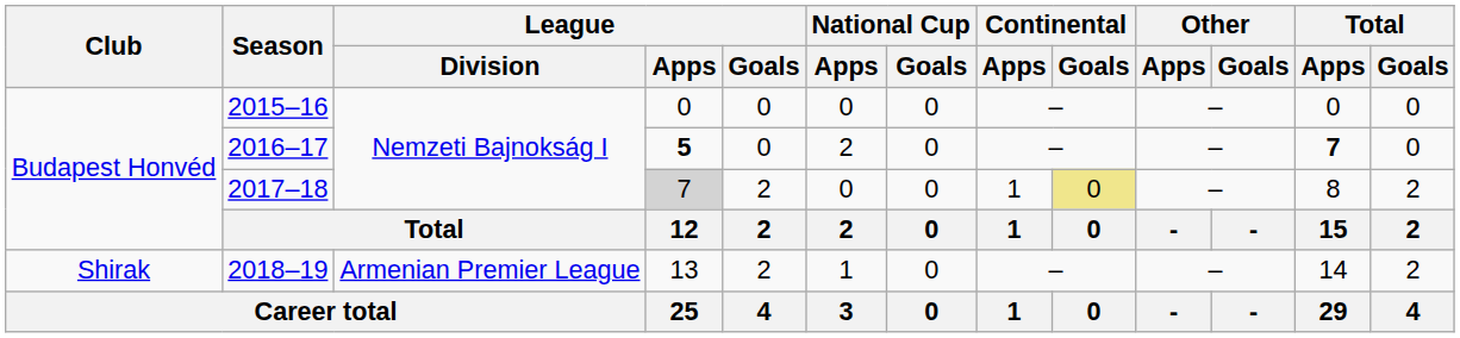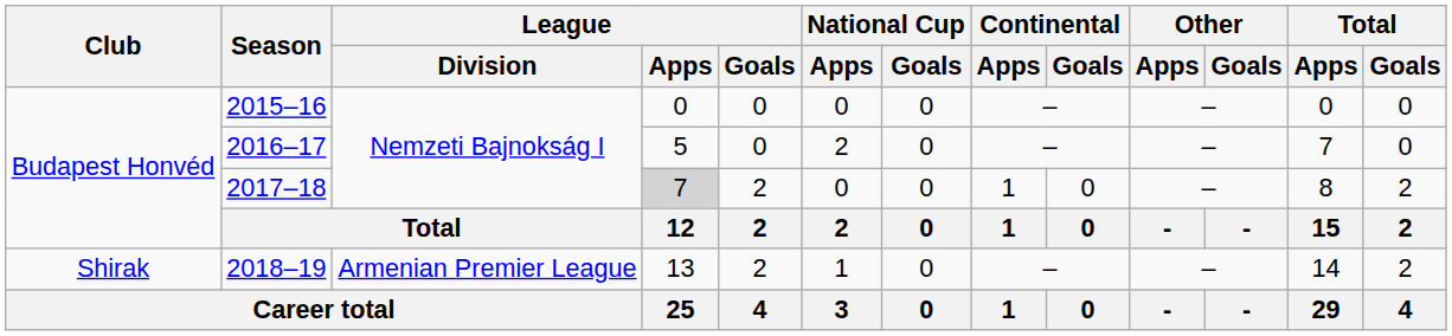 <table class="wikitable" style="text-align: center">
 <tr>
 <th rowspan="2">Club</th>
 <th rowspan="2">Season</th>
 <th colspan="3">League</th>
 <th colspan="2">National Cup</th>
 <th colspan="2">Continental</th>
 <th colspan="2">Other</th>
 <th colspan="2">Total</th>
 </tr>
 <tr>
 <th>Division</th>
 <th>Apps</th>
 <th>Goals</th>
 <th>Apps</th>
 <th>Goals</th>
 <th>Apps</th>
 <th>Goals</th>
 <th>Apps</th>
 <th>Goals</th>
 <th>Apps</th>
 <th>Goals</th>
 </tr>
 <tr>
 <td rowspan="4"><a href='#'>Budapest Honvéd</a></td>
 <td><a href='#'>2015–16</a></td>
 <td rowspan="3"><a href='#'>Nemzeti Bajnokság I</a></td>
 <td>0</td>
 <td>0</td>
 <td>0</td>
 <td>0</td>
 <td colspan="2">–</td>
 <td colspan="2">–</td>
 <td>0</td>
 <td>0</td>
 </tr>
 <tr>
 <td><a href='#'>2016–17</a></td>
-<td><strong>5</strong></td>
+<td>5</td>
 <td>0</td>
 <td>2</td>
 <td>0</td>
 <td colspan="2">–</td>
 <td colspan="2">–</td>
-<td><strong>7</strong></td>
+<td>7</td>
 <td>0</td>
 </tr>
 <tr>
 <td><a href='#'>2017–18</a></td>
 <td style="background: lightgrey;">7</td>
 <td>2</td>
 <td>0</td>
 <td>0</td>
 <td>1</td>
-<td style="background: khaki;">0</td>
+<td>0</td>
 <td colspan="2">–</td>
 <td>8</td>
 <td>2</td>
 </tr>
 <tr>
 <th colspan="2">Total</th>
 <th>12</th>
 <th>2</th>
 <th>2</th>
 <th>0</th>
 <th>1</th>
 <th>0</th>
 <th>-</th>
 <th>-</th>
 <th>15</th>
 <th>2</th>
 </tr>
 <tr>
 <td><a href='#'>Shirak</a></td>
 <td><a href='#'>2018–19</a></td>
 <td><a href='#'>Armenian Premier League</a></td>
 <td>13</td>
 <td>2</td>
 <td>1</td>
 <td>0</td>
 <td colspan="2">–</td>
 <td colspan="2">–</td>
 <td>14</td>
 <td>2</td>
 </tr>
 <tr>
 <th colspan="3">Career total</th>
 <th>25</th>
 <th>4</th>
 <th>3</th>
 <th>0</th>
 <th>1</th>
 <th>0</th>
 <th>-</th>
 <th>-</th>
 <th>29</th>
 <th>4</th>
 </tr>
 </table>
